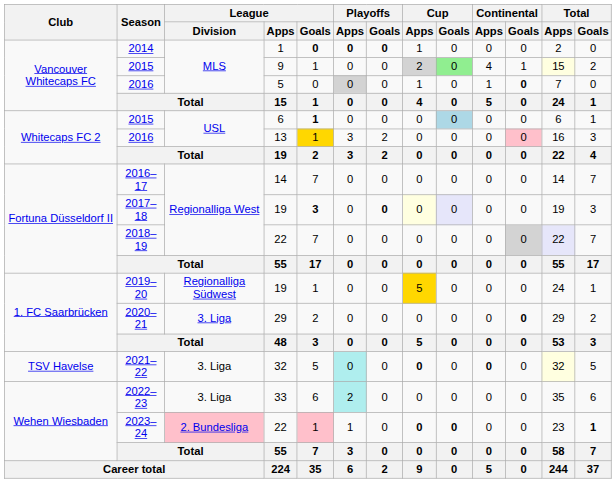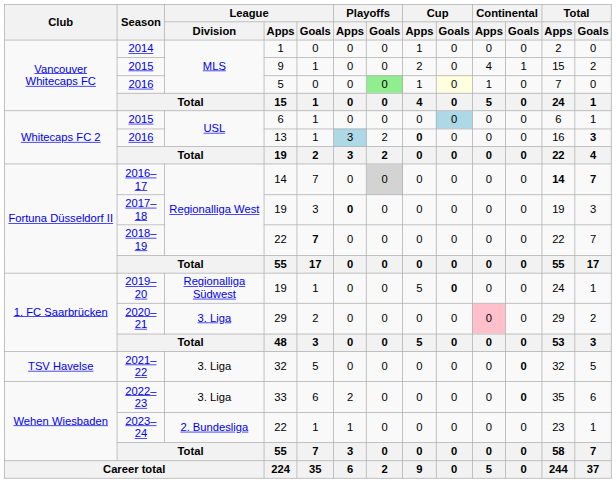 <table class="wikitable" style="text-align:center">
 <tr>
 <th rowspan="2">Club</th>
 <th rowspan="2">Season</th>
 <th colspan="3">League</th>
 <th colspan="2">Playoffs</th>
 <th colspan="2">Cup</th>
 <th colspan="2">Continental</th>
 <th colspan="2">Total</th>
 </tr>
 <tr>
 <th>Division</th>
 <th>Apps</th>
 <th>Goals</th>
 <th>Apps</th>
 <th>Goals</th>
 <th>Apps</th>
 <th>Goals</th>
 <th>Apps</th>
 <th>Goals</th>
 <th>Apps</th>
 <th>Goals</th>
 </tr>
 <tr>
 <td rowspan="4"><a href='#'>Vancouver Whitecaps FC</a></td>
 <td><a href='#'>2014</a></td>
 <td rowspan="3"><a href='#'>MLS</a></td>
 <td>1</td>
-<td><strong>0</strong></td>
-<td><strong>0</strong></td>
-<td><strong>0</strong></td>
+<td>0</td>
+<td>0</td>
+<td>0</td>
 <td>1</td>
 <td>0</td>
 <td>0</td>
 <td>0</td>
 <td>2</td>
 <td>0</td>
 </tr>
 <tr>
 <td><a href='#'>2015</a></td>
 <td>9</td>
 <td>1</td>
 <td>0</td>
 <td>0</td>
-<td style="background: lightgrey;">2</td>
-<td style="background: lightgreen;">0</td>
+<td>2</td>
+<td>0</td>
 <td>4</td>
 <td>1</td>
-<td style="background: lightyellow;">15</td>
+<td>15</td>
 <td>2</td>
 </tr>
 <tr>
 <td><a href='#'>2016</a></td>
 <td>5</td>
 <td>0</td>
-<td style="background: lightgrey;">0</td>
 <td>0</td>
+<td style="background: lightgreen;">0</td>
+<td>1</td>
+<td style="background: lightyellow;">0</td>
 <td>1</td>
 <td>0</td>
-<td>1</td>
-<td><strong>0</strong></td>
 <td>7</td>
 <td>0</td>
 </tr>
 <tr>
 <th colspan="2">Total</th>
 <th>15</th>
 <th>1</th>
 <th>0</th>
 <th>0</th>
 <th>4</th>
 <th>0</th>
 <th>5</th>
 <th>0</th>
 <th>24</th>
 <th>1</th>
 </tr>
 <tr>
 <td rowspan="3"><a href='#'>Whitecaps FC 2</a></td>
 <td><a href='#'>2015</a></td>
 <td rowspan="2"><a href='#'>USL</a></td>
 <td>6</td>
-<td><strong>1</strong></td>
+<td>1</td>
 <td>0</td>
 <td>0</td>
 <td>0</td>
 <td style="background: lightblue;">0</td>
 <td>0</td>
 <td>0</td>
 <td>6</td>
 <td>1</td>
 </tr>
 <tr>
 <td><a href='#'>2016</a></td>
 <td>13</td>
-<td style="background: gold;">1</td>
-<td>3</td>
+<td>1</td>
+<td style="background: lightblue;">3</td>
 <td>2</td>
+<td><strong>0</strong></td>
 <td>0</td>
 <td>0</td>
 <td>0</td>
-<td style="background: pink;">0</td>
 <td>16</td>
-<td>3</td>
+<td><strong>3</strong></td>
 </tr>
 <tr>
 <th colspan="2">Total</th>
 <th>19</th>
 <th>2</th>
 <th>3</th>
 <th>2</th>
 <th>0</th>
 <th>0</th>
 <th>0</th>
 <th>0</th>
 <th>22</th>
 <th>4</th>
 </tr>
 <tr>
 <td rowspan="4"><a href='#'>Fortuna Düsseldorf II</a></td>
 <td><a href='#'>2016–17</a></td>
 <td rowspan="3"><a href='#'>Regionalliga West</a></td>
 <td>14</td>
 <td>7</td>
 <td>0</td>
+<td style="background: lightgrey;">0</td>
 <td>0</td>
 <td>0</td>
 <td>0</td>
 <td>0</td>
-<td>0</td>
-<td>14</td>
-<td>7</td>
+<td><strong>14</strong></td>
+<td><strong>7</strong></td>
 </tr>
 <tr>
 <td><a href='#'>2017–18</a></td>
 <td>19</td>
-<td><strong>3</strong></td>
+<td>3</td>
+<td><strong>0</strong></td>
 <td>0</td>
-<td><strong>0</strong></td>
-<td style="background: lightyellow;">0</td>
-<td style="background: lavender;">0</td>
+<td>0</td>
+<td>0</td>
 <td>0</td>
 <td>0</td>
 <td>19</td>
 <td>3</td>
 </tr>
 <tr>
 <td><a href='#'>2018–19</a></td>
 <td>22</td>
-<td>7</td>
+<td><strong>7</strong></td>
 <td>0</td>
 <td>0</td>
 <td>0</td>
 <td>0</td>
 <td>0</td>
-<td style="background: lightgrey;">0</td>
-<td style="background: lavender;">22</td>
+<td>0</td>
+<td>22</td>
 <td>7</td>
 </tr>
 <tr>
 <th colspan="2">Total</th>
 <th>55</th>
 <th>17</th>
 <th>0</th>
 <th>0</th>
 <th>0</th>
 <th>0</th>
 <th>0</th>
 <th>0</th>
 <th>55</th>
 <th>17</th>
 </tr>
 <tr>
 <td rowspan="3"><a href='#'>1. FC Saarbrücken</a></td>
 <td><a href='#'>2019–20</a></td>
 <td><a href='#'>Regionalliga Südwest</a></td>
 <td>19</td>
 <td>1</td>
 <td>0</td>
 <td>0</td>
-<td style="background: gold;">5</td>
-<td>0</td>
+<td>5</td>
+<td><strong>0</strong></td>
 <td>0</td>
 <td>0</td>
 <td>24</td>
 <td>1</td>
 </tr>
 <tr>
 <td><a href='#'>2020–21</a></td>
 <td><a href='#'>3. Liga</a></td>
 <td>29</td>
 <td>2</td>
 <td>0</td>
 <td>0</td>
 <td>0</td>
 <td>0</td>
+<td style="background: pink;">0</td>
 <td>0</td>
-<td><strong>0</strong></td>
 <td>29</td>
 <td>2</td>
 </tr>
 <tr>
 <th colspan="2">Total</th>
 <th>48</th>
 <th>3</th>
 <th>0</th>
 <th>0</th>
 <th>5</th>
 <th>0</th>
 <th>0</th>
 <th>0</th>
 <th>53</th>
 <th>3</th>
 </tr>
 <tr>
 <td><a href='#'>TSV Havelse</a></td>
 <td><a href='#'>2021–22</a></td>
 <td>3. Liga</td>
 <td>32</td>
 <td>5</td>
-<td style="background: paleturquoise;">0</td>
+<td>0</td>
+<td>0</td>
+<td>0</td>
+<td>0</td>
 <td>0</td>
 <td><strong>0</strong></td>
-<td>0</td>
-<td><strong>0</strong></td>
-<td>0</td>
-<td style="background: lightyellow;">32</td>
+<td>32</td>
 <td>5</td>
 </tr>
 <tr>
 <td rowspan="3"><a href='#'>Wehen Wiesbaden</a></td>
 <td><a href='#'>2022–23</a></td>
 <td>3. Liga</td>
 <td>33</td>
 <td>6</td>
-<td style="background: paleturquoise;">2</td>
+<td>2</td>
+<td>0</td>
+<td>0</td>
+<td>0</td>
+<td>0</td>
+<td><strong>0</strong></td>
+<td>35</td>
+<td>6</td>
+</tr>
+<tr>
+<td><a href='#'>2023–24</a></td>
+<td><a href='#'>2. Bundesliga</a></td>
+<td>22</td>
+<td>1</td>
+<td>1</td>
 <td>0</td>
 <td>0</td>
 <td>0</td>
 <td>0</td>
 <td>0</td>
-<td>35</td>
-<td>6</td>
-</tr>
-<tr>
-<td><a href='#'>2023–24</a></td>
-<td style="background: pink;"><a href='#'>2. Bundesliga</a></td>
-<td>22</td>
-<td style="background: pink;">1</td>
+<td>23</td>
 <td>1</td>
-<td>0</td>
-<td><strong>0</strong></td>
-<td><strong>0</strong></td>
-<td>0</td>
-<td>0</td>
-<td>23</td>
-<td><strong>1</strong></td>
 </tr>
 <tr>
 <th colspan="2">Total</th>
 <th>55</th>
 <th>7</th>
 <th>3</th>
 <th>0</th>
 <th>0</th>
 <th>0</th>
 <th>0</th>
 <th>0</th>
 <th>58</th>
 <th>7</th>
 </tr>
 <tr>
 <th colspan="3">Career total</th>
 <th>224</th>
 <th>35</th>
 <th>6</th>
 <th>2</th>
 <th>9</th>
 <th>0</th>
 <th>5</th>
 <th>0</th>
 <th>244</th>
 <th>37</th>
 </tr>
 </table>
